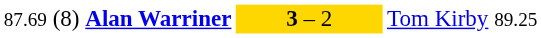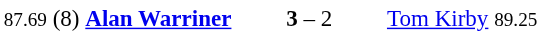 <table style="text-align:center">
 <tr>
 <th width=223></th>
 <th width=100></th>
 <th width=223></th>
 </tr>
 <tr>
 <td align=right><small>87.69</small> (8) <strong><a href='#'>Alan Warriner</a></strong> </td>
-<td style="background: gold;"><strong>3</strong> – 2</td>
+<td><strong>3</strong> – 2</td>
 <td align=left> <a href='#'>Tom Kirby</a> <small>89.25</small></td>
 </tr>
 </table>
